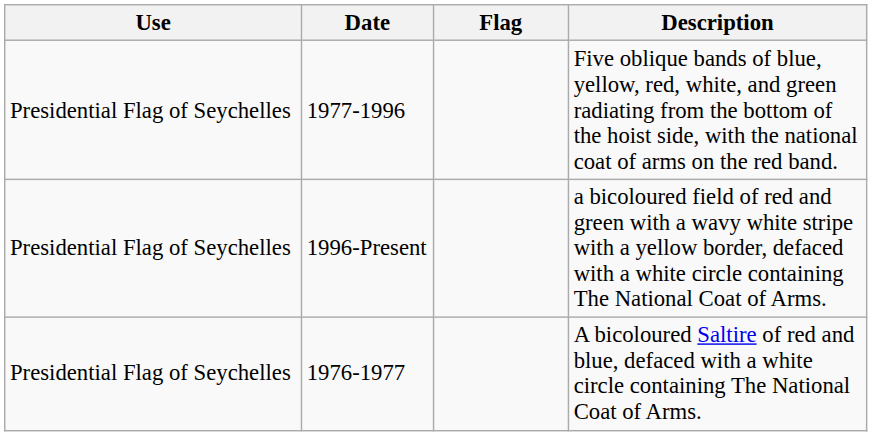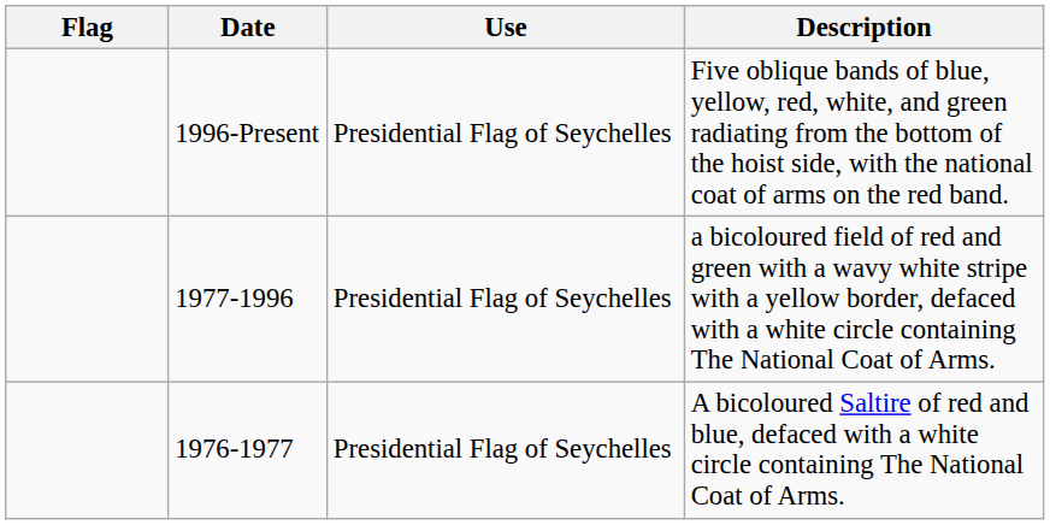 <table class="wikitable">
 <tr>
+<th style="width:110px;">Flag</th>
+<th style="width:100px;">Date</th>
 <th style="width:250px;">Use</th>
-<th style="width:100px;">Date</th>
-<th style="width:110px;">Flag</th>
 <th style="width:250px;">Description</th>
 </tr>
 <tr>
+<td></td>
+<td>1996-Present</td>
 <td>Presidential Flag of Seychelles</td>
-<td>1977-1996</td>
-<td></td>
 <td>Five oblique bands of blue, yellow, red, white, and green radiating from the bottom of the hoist side, with the national coat of arms on the red band.</td>
 </tr>
 <tr>
+<td></td>
+<td>1977-1996</td>
 <td>Presidential Flag of Seychelles</td>
-<td>1996-Present</td>
-<td></td>
 <td>a bicoloured field of red and green with a wavy white stripe with a yellow border, defaced with a white circle containing The National Coat of Arms.</td>
 </tr>
 <tr>
+<td></td>
+<td>1976-1977</td>
 <td>Presidential Flag of Seychelles</td>
-<td>1976-1977</td>
-<td></td>
 <td>A bicoloured <a href='#'>Saltire</a> of red and blue, defaced with a white circle containing The National Coat of Arms.</td>
 </tr>
 </table>
